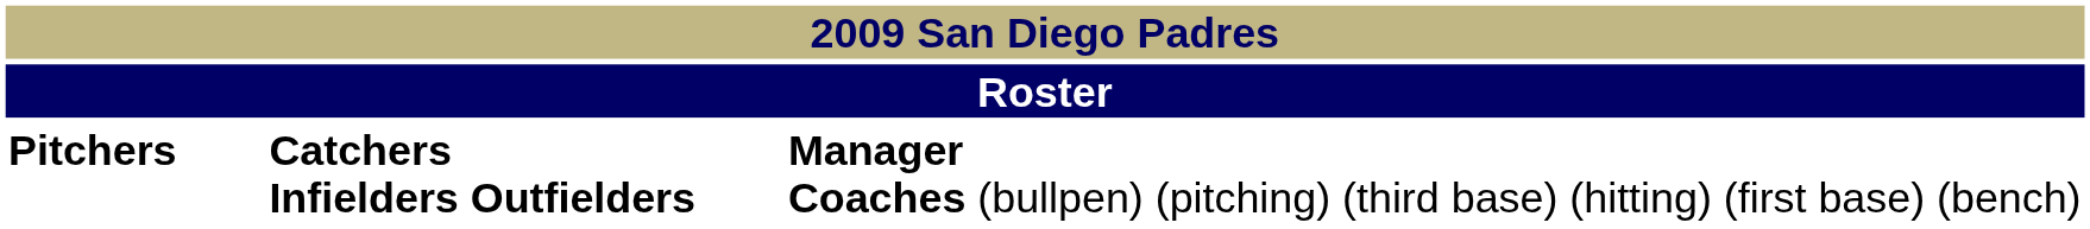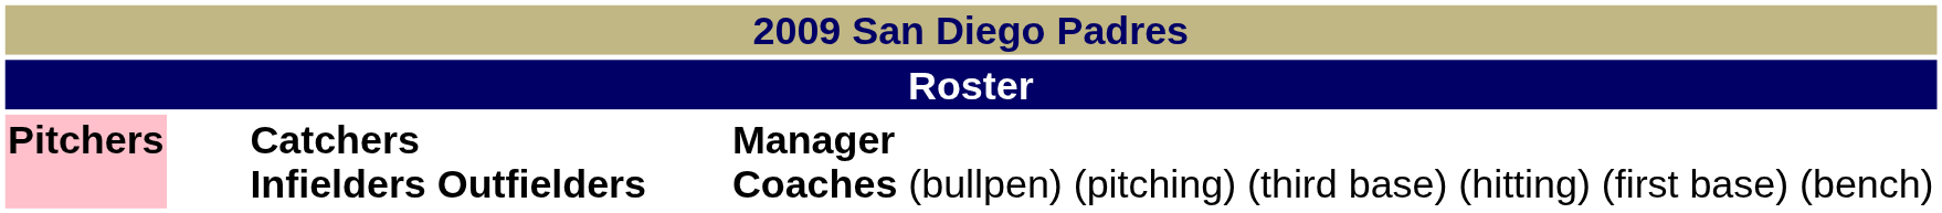 <table class="toccolours" style="font-size: 95%;">
 <tr>
 <th colspan="10" style="background-color: #C1B784; color: #000066; text-align: center;">2009 San Diego Padres</th>
 </tr>
 <tr>
 <td colspan="10" style="background-color: #000066; color: #FFFFFF; text-align: center;"><strong>Roster</strong></td>
 </tr>
 <tr>
-<td valign="top"><strong>Pitchers</strong><br>                               </td>
+<td valign="top" style="background: pink;"><strong>Pitchers</strong><br>                               </td>
 <td width="25px"></td>
 <td valign="top"><strong>Catchers</strong><br>    <strong>Infielders</strong>          <strong>Outfielders</strong>           </td>
 <td width="25px"></td>
 <td valign="top"><strong>Manager</strong><br> <strong>Coaches</strong>  (bullpen)  (pitching)  (third base)  (hitting)  (first base)  (bench)</td>
 </tr>
 </table>
